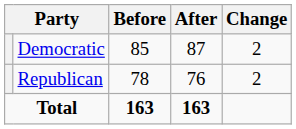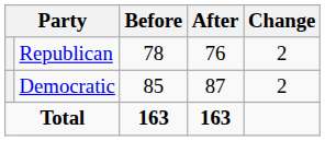 <table class="wikitable" style="text-align:center;">
 <tr>
 <th colspan="2">Party</th>
 <th>Before</th>
 <th>After</th>
 <th>Change</th>
 </tr>
 <tr>
 <th style="background-color:"></th>
-<td style="text-align:left;"><a href='#'>Democratic</a></td>
-<td>85</td>
-<td>87</td>
+<td style="text-align:left;"><a href='#'>Republican</a></td>
+<td>78</td>
+<td>76</td>
 <td> 2</td>
 </tr>
 <tr>
 <th style="background-color:"></th>
-<td style="text-align:left;"><a href='#'>Republican</a></td>
-<td>78</td>
-<td>76</td>
+<td style="text-align:left;"><a href='#'>Democratic</a></td>
+<td>85</td>
+<td>87</td>
 <td> 2</td>
 </tr>
 <tr>
 <td colspan="2"><strong>Total</strong></td>
 <td><strong>163</strong></td>
 <td><strong>163</strong></td>
 <td></td>
 </tr>
 </table>
